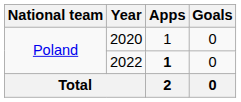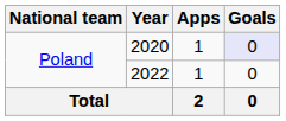 <table class="wikitable" style="text-align:center">
 <tr>
 <th>National team</th>
 <th>Year</th>
 <th>Apps</th>
 <th>Goals</th>
 </tr>
 <tr>
 <td rowspan="2"><a href='#'>Poland</a></td>
 <td>2020</td>
 <td>1</td>
-<td>0</td>
+<td style="background: lavender;">0</td>
 </tr>
 <tr>
 <td>2022</td>
-<td><strong>1</strong></td>
+<td>1</td>
 <td>0</td>
 </tr>
 <tr>
 <th colspan="2">Total</th>
 <th>2</th>
 <th>0</th>
 </tr>
 </table>
